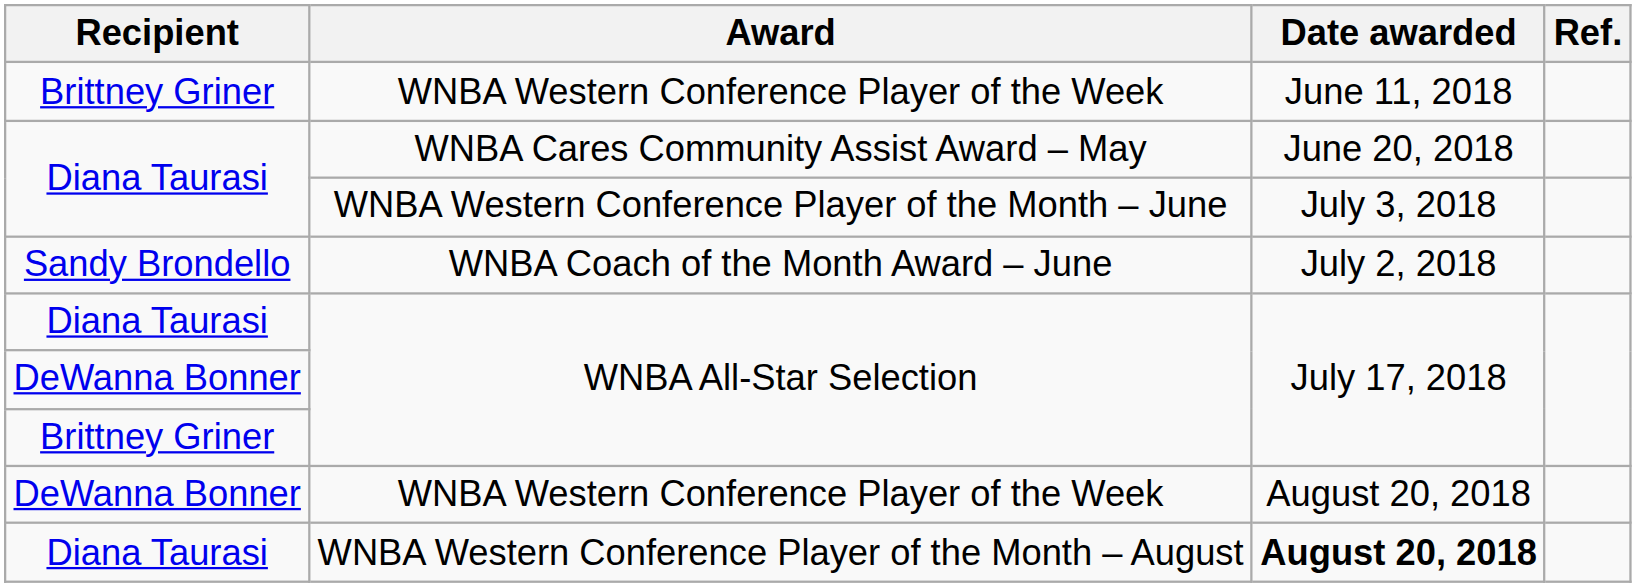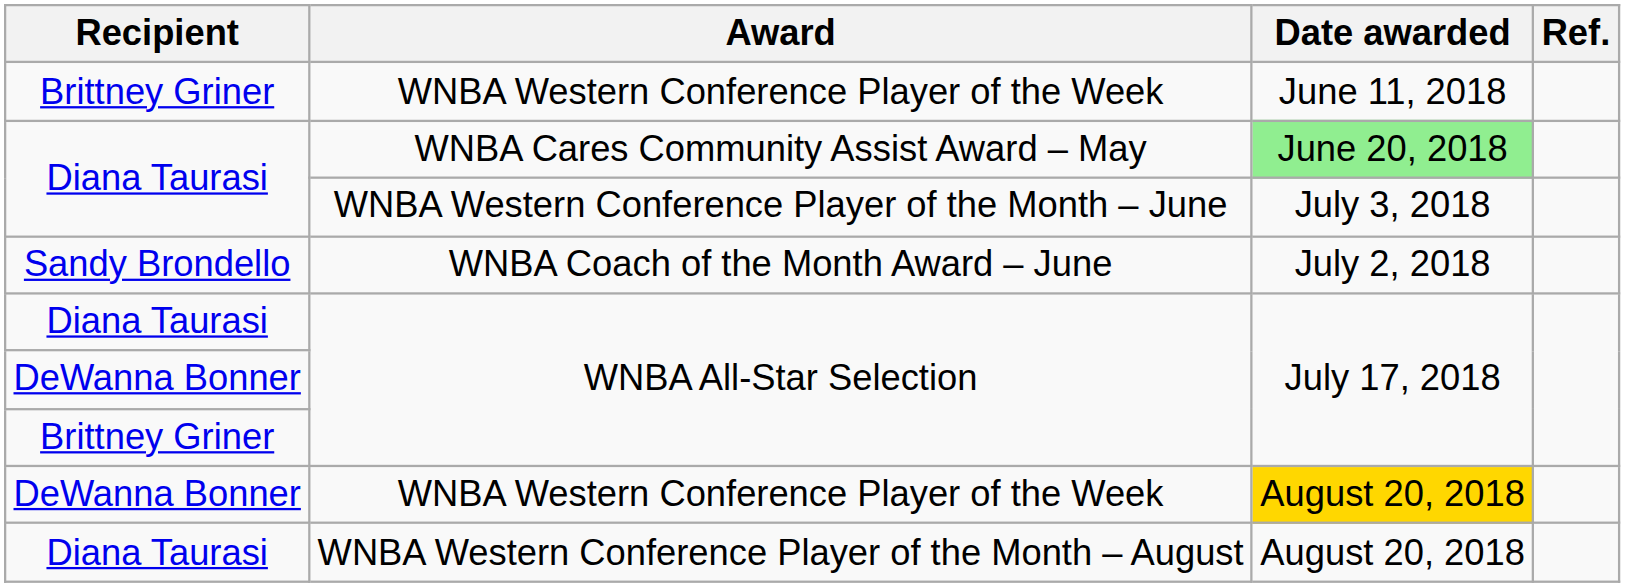 <table class="wikitable sortable sortable" style="text-align: center">
 <tr>
 <th>Recipient</th>
 <th>Award</th>
 <th>Date awarded</th>
 <th>Ref.</th>
 </tr>
 <tr>
 <td><a href='#'>Brittney Griner</a></td>
 <td>WNBA Western Conference Player of the Week</td>
 <td>June 11, 2018</td>
 <td></td>
 </tr>
 <tr>
 <td rowspan="2"><a href='#'>Diana Taurasi</a></td>
 <td>WNBA Cares Community Assist Award – May</td>
-<td>June 20, 2018</td>
+<td style="background: lightgreen;">June 20, 2018</td>
 <td></td>
 </tr>
 <tr>
 <td>WNBA Western Conference Player of the Month – June</td>
 <td>July 3, 2018</td>
 <td></td>
 </tr>
 <tr>
 <td><a href='#'>Sandy Brondello</a></td>
 <td>WNBA Coach of the Month Award – June</td>
 <td>July 2, 2018</td>
 <td></td>
 </tr>
 <tr>
 <td><a href='#'>Diana Taurasi</a></td>
 <td rowspan="3">WNBA All-Star Selection</td>
 <td rowspan="3">July 17, 2018</td>
 <td rowspan="3"></td>
 </tr>
 <tr>
 <td><a href='#'>DeWanna Bonner</a></td>
 </tr>
 <tr>
 <td><a href='#'>Brittney Griner</a></td>
 </tr>
 <tr>
 <td><a href='#'>DeWanna Bonner</a></td>
 <td>WNBA Western Conference Player of the Week</td>
-<td>August 20, 2018</td>
+<td style="background: gold;">August 20, 2018</td>
 <td></td>
 </tr>
 <tr>
 <td><a href='#'>Diana Taurasi</a></td>
 <td>WNBA Western Conference Player of the Month – August</td>
-<td><strong>August 20, 2018</strong></td>
+<td>August 20, 2018</td>
 <td></td>
 </tr>
 </table>
